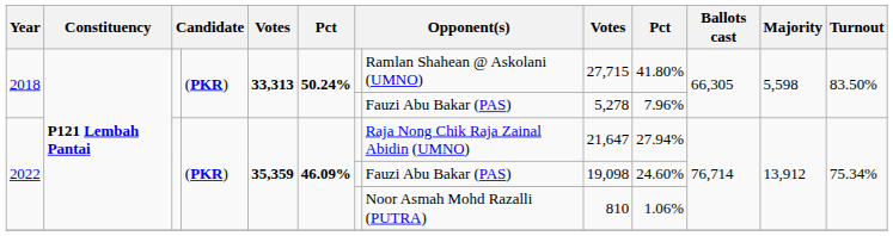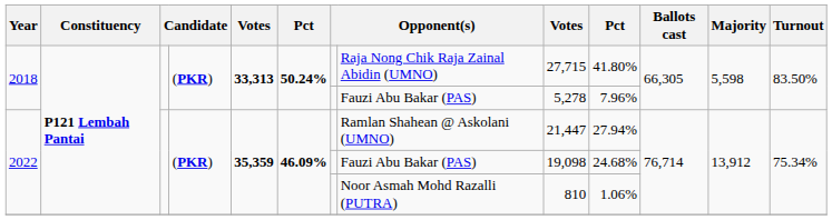 <table class="wikitable" style="margin:0.5em ; font-size:95%">
 <tr>
 <th>Year</th>
 <th>Constituency</th>
 <th colspan=2>Candidate</th>
 <th>Votes</th>
 <th>Pct</th>
 <th colspan=2>Opponent(s)</th>
 <th>Votes</th>
 <th>Pct</th>
 <th>Ballots cast</th>
 <th>Majority</th>
 <th>Turnout</th>
 </tr>
 <tr>
 <td rowspan=2><a href='#'>2018</a></td>
 <td rowspan=5><strong>P121 <a href='#'>Lembah Pantai</a></strong></td>
 <td rowspan="2" ></td>
 <td rowspan="2"> (<a href='#'><strong>PKR</strong></a>)</td>
 <td rowspan="2" align="right"><strong>33,313</strong></td>
 <td rowspan="2"><strong>50.24%</strong></td>
 <td></td>
-<td>Ramlan Shahean @ Askolani (<a href='#'>UMNO</a>)</td>
+<td><a href='#'>Raja Nong Chik Raja Zainal Abidin</a> (<a href='#'>UMNO</a>)</td>
 <td align="right">27,715</td>
 <td>41.80%</td>
 <td rowspan="2">66,305</td>
 <td rowspan="2">5,598</td>
 <td rowspan="2">83.50%</td>
 </tr>
 <tr>
 <td></td>
 <td>Fauzi Abu Bakar (<a href='#'>PAS</a>)</td>
 <td align="right">5,278</td>
 <td align="right">7.96%</td>
 </tr>
 <tr>
 <td rowspan=3><a href='#'>2022</a></td>
 <td rowspan=3 ></td>
 <td rowspan=3> (<a href='#'><strong>PKR</strong></a>)</td>
 <td rowspan=3 align="right"><strong>35,359</strong></td>
 <td rowspan=3><strong>46.09%</strong></td>
 <td></td>
-<td><a href='#'>Raja Nong Chik Raja Zainal Abidin</a> (<a href='#'>UMNO</a>)</td>
-<td align="right">21,647</td>
+<td>Ramlan Shahean @ Askolani (<a href='#'>UMNO</a>)</td>
+<td align="right">21,447</td>
 <td>27.94%</td>
 <td rowspan=3>76,714</td>
 <td rowspan=3>13,912</td>
 <td rowspan=3>75.34%</td>
 </tr>
 <tr>
 <td bgcolor=></td>
 <td>Fauzi Abu Bakar (<a href='#'>PAS</a>)</td>
 <td align="right">19,098</td>
-<td>24.60%</td>
+<td>24.68%</td>
 </tr>
 <tr>
 <td bgcolor=></td>
 <td>Noor Asmah Mohd Razalli (<a href='#'>PUTRA</a>)</td>
 <td align="right">810</td>
 <td align=right>1.06%</td>
 </tr>
 <tr>
 </tr>
 </table>
